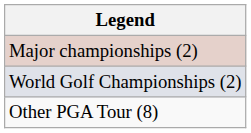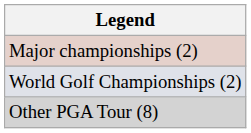 <table class="wikitable" style="font-size:95%;">
 <tr>
 <th>Legend</th>
 </tr>
 <tr style="background:#e5d1cb;">
 <td>Major championships  (2)</td>
 </tr>
 <tr style="background:#dfe2e9;">
 <td>World Golf Championships (2)</td>
 </tr>
 <tr>
-<td>Other PGA Tour (8)</td>
+<td style="background: lightgrey;">Other PGA Tour (8)</td>
 </tr>
 </table>
